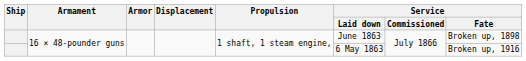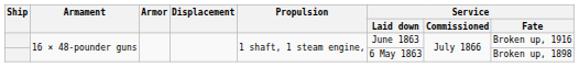 <table class="wikitable plainrowheaders" style="text-align: center;">
 <tr valign="top">
 <th scope="col" rowspan="2">Ship</th>
 <th scope="col" rowspan="2">Armament</th>
 <th scope="col" rowspan="2">Armor</th>
 <th scope="col" rowspan="2">Displacement</th>
 <th scope="col" rowspan="2">Propulsion</th>
 <th scope="col" colspan="3">Service</th>
 </tr>
 <tr valign="top">
 <th scope="col">Laid down</th>
 <th scope="col">Commissioned</th>
 <th scope="col">Fate</th>
 </tr>
 <tr valign="center">
 <th scope="row"></th>
 <td rowspan="2">16 × 48-pounder guns</td>
 <td rowspan="2"></td>
 <td rowspan="2"></td>
 <td rowspan="2">1 shaft, 1 steam engine, </td>
 <td>June 1863</td>
 <td rowspan="2">July 1866</td>
-<td>Broken up, 1898</td>
+<td>Broken up, 1916</td>
 </tr>
 <tr valign="center">
 <th scope="row"></th>
 <td>6 May 1863</td>
-<td>Broken up, 1916</td>
+<td>Broken up, 1898</td>
 </tr>
 </table>
